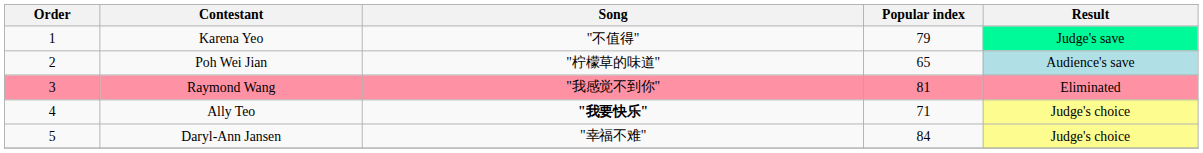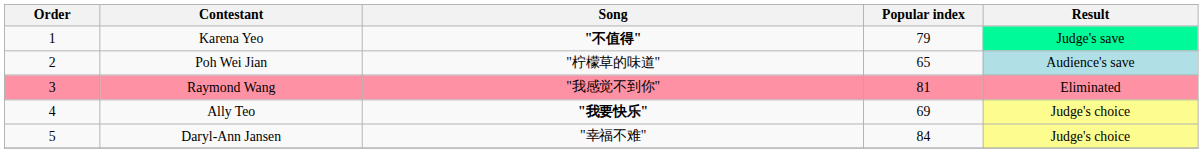 <table class="wikitable" style="text-align:center; width:70%;">
 <tr>
 <th scope="col" style="width:4%;">Order</th>
 <th scope="col" style="width:11%;">Contestant</th>
 <th scope="col" style="width:21%;">Song</th>
 <th scope="col" style="width:5%;">Popular index</th>
 <th scope="col" style="width:9%;">Result</th>
 </tr>
 <tr>
 <td>1</td>
 <td>Karena Yeo</td>
-<td>"不值得"</td>
+<td><strong>"不值得"</strong></td>
 <td>79</td>
 <td style="background:#00FA9A;">Judge's save</td>
 </tr>
 <tr>
 <td>2</td>
 <td>Poh Wei Jian</td>
 <td>"柠檬草的味道"</td>
 <td>65</td>
 <td style="background:#B0E0E6;">Audience's save</td>
 </tr>
 <tr style="background:#FF91A4;">
 <td>3</td>
 <td>Raymond Wang</td>
 <td>"我感觉不到你"</td>
 <td>81</td>
 <td style="background:#FF91A4;">Eliminated</td>
 </tr>
 <tr>
 <td>4</td>
 <td>Ally Teo</td>
 <td><strong>"我要快乐"</strong></td>
-<td>71</td>
+<td>69</td>
 <td style="background:#fdfc8f;">Judge's choice</td>
 </tr>
 <tr>
 <td>5</td>
 <td>Daryl-Ann Jansen</td>
 <td>"幸福不难"</td>
 <td>84</td>
 <td style="background:#fdfc8f;">Judge's choice</td>
 </tr>
 <tr>
 </tr>
 </table>
